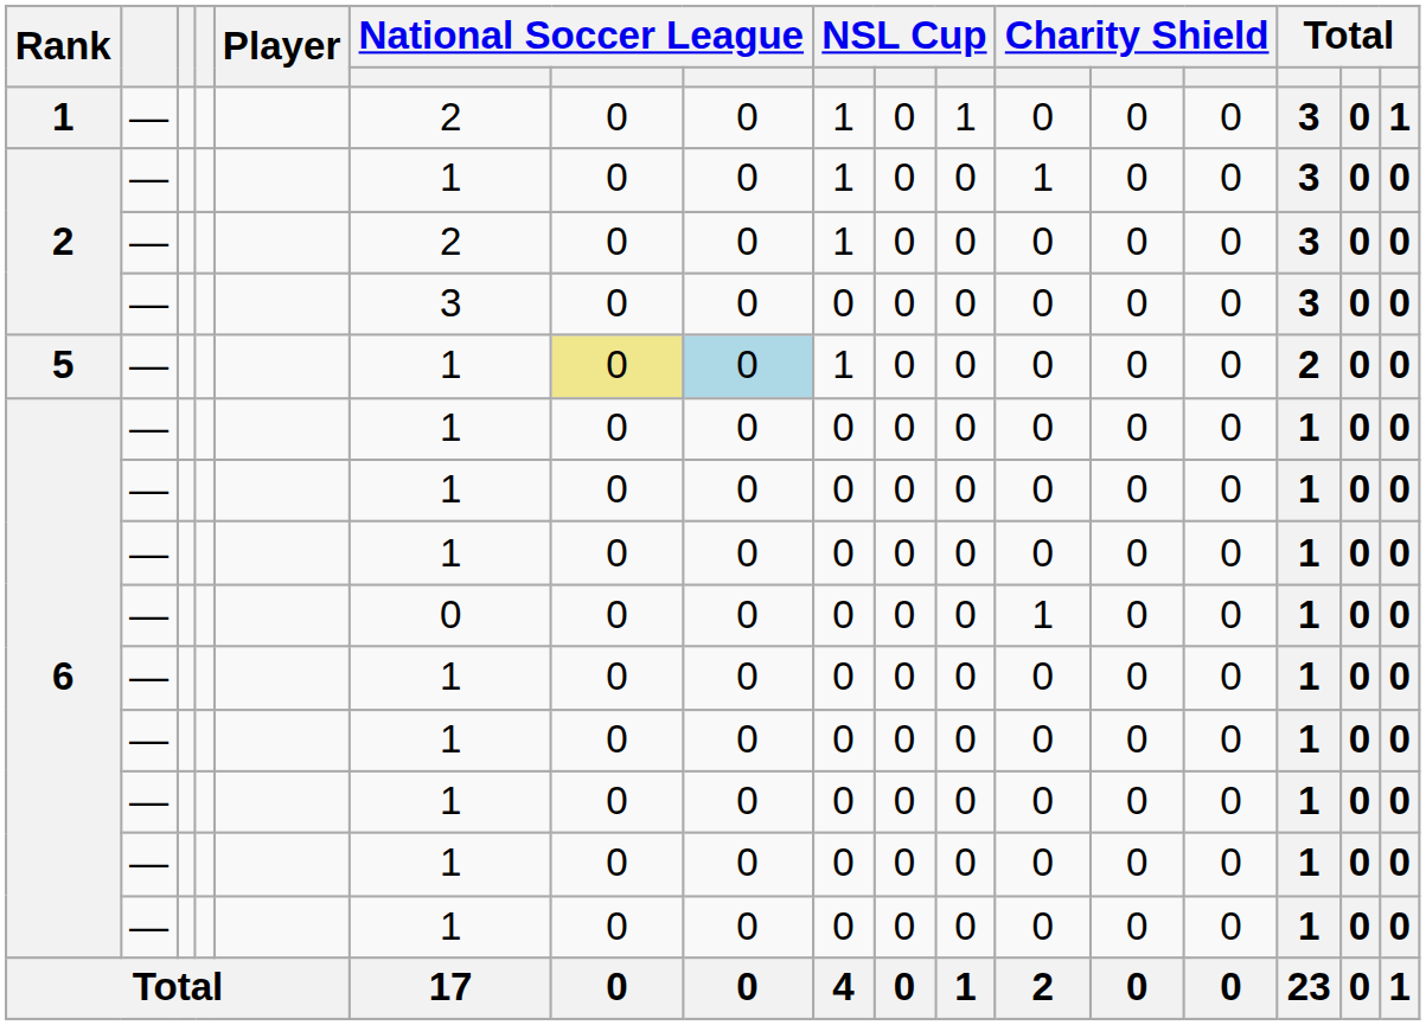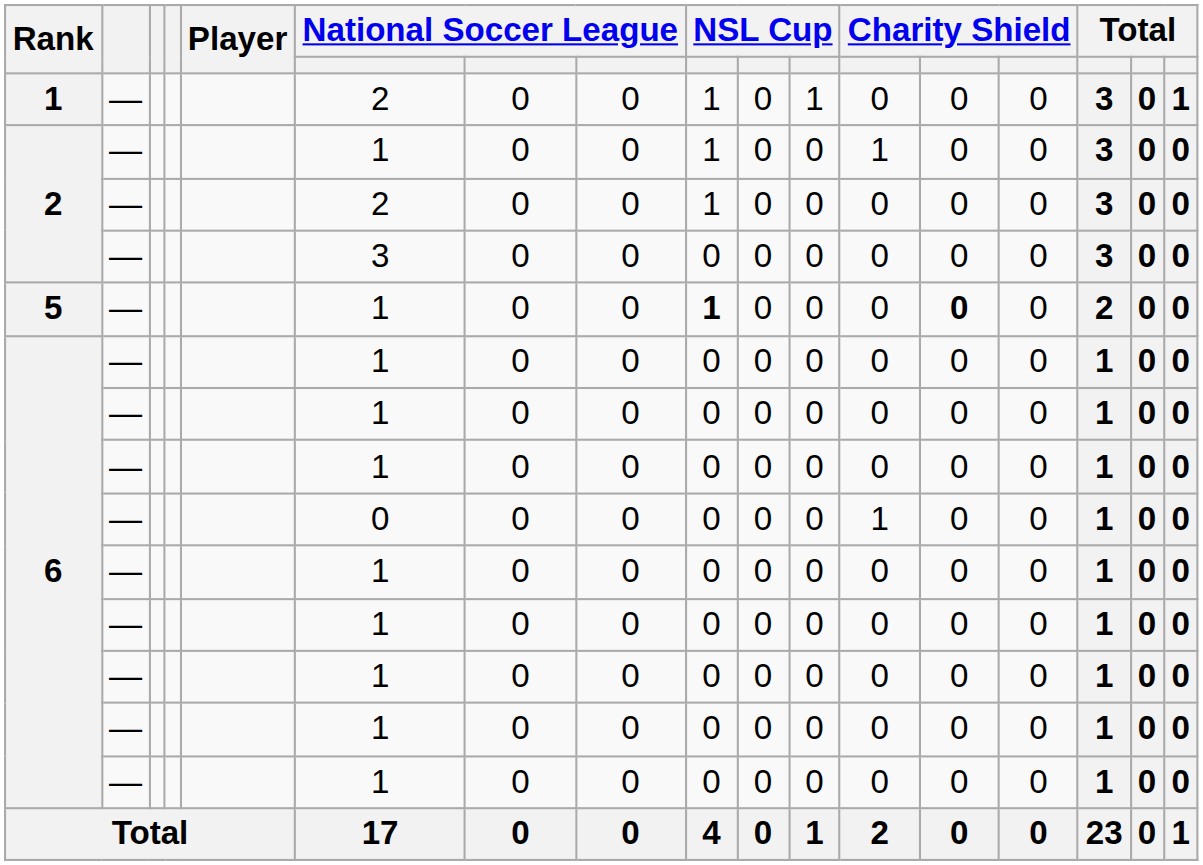 <table class="wikitable sortable" style="text-align:center">
 <tr>
 <th rowspan="2">Rank</th>
 <th rowspan="2"></th>
 <th rowspan="2"></th>
 <th rowspan="2"></th>
 <th rowspan="2">Player</th>
 <th colspan="3"><a href='#'>National Soccer League</a></th>
 <th colspan="3"><a href='#'>NSL Cup</a></th>
 <th colspan="3"><a href='#'>Charity Shield</a></th>
 <th colspan="3">Total</th>
 </tr>
 <tr>
 <th></th>
 <th></th>
 <th></th>
 <th></th>
 <th></th>
 <th></th>
 <th></th>
 <th></th>
 <th></th>
 <th></th>
 <th></th>
 <th></th>
 </tr>
 <tr>
 <th>1</th>
 <td>—</td>
 <td></td>
 <td></td>
 <td align="left"><br></td>
 <td>2</td>
 <td>0</td>
 <td>0<br></td>
 <td>1</td>
 <td>0</td>
 <td>1<br></td>
 <td>0</td>
 <td>0</td>
 <td>0<br></td>
 <th>3</th>
 <th>0</th>
 <th>1</th>
 </tr>
 <tr>
 <th rowspan="3">2</th>
 <td>—</td>
 <td></td>
 <td></td>
 <td align="left"><br></td>
 <td>1</td>
 <td>0</td>
 <td>0<br></td>
 <td>1</td>
 <td>0</td>
 <td>0<br></td>
 <td>1</td>
 <td>0</td>
 <td>0<br></td>
 <th>3</th>
 <th>0</th>
 <th>0</th>
 </tr>
 <tr>
 <td>—</td>
 <td></td>
 <td></td>
 <td align="left"><br></td>
 <td>2</td>
 <td>0</td>
 <td>0<br></td>
 <td>1</td>
 <td>0</td>
 <td>0<br></td>
 <td>0</td>
 <td>0</td>
 <td>0<br></td>
 <th>3</th>
 <th>0</th>
 <th>0</th>
 </tr>
 <tr>
 <td>—</td>
 <td></td>
 <td></td>
 <td align="left"><br></td>
 <td>3</td>
 <td>0</td>
 <td>0<br></td>
 <td>0</td>
 <td>0</td>
 <td>0<br></td>
 <td>0</td>
 <td>0</td>
 <td>0<br></td>
 <th>3</th>
 <th>0</th>
 <th>0</th>
 </tr>
 <tr>
 <th>5</th>
 <td>—</td>
 <td></td>
 <td></td>
 <td align="left"><br></td>
 <td>1</td>
-<td style="background: khaki;">0</td>
-<td style="background: lightblue;">0<br></td>
-<td>1</td>
+<td>0</td>
+<td>0<br></td>
+<td><strong>1</strong></td>
 <td>0</td>
 <td>0<br></td>
 <td>0</td>
-<td>0</td>
+<td><strong>0</strong></td>
 <td>0<br></td>
 <th>2</th>
 <th>0</th>
 <th>0</th>
 </tr>
 <tr>
 <th rowspan="9">6</th>
 <td>—</td>
 <td></td>
 <td></td>
 <td align="left"><br></td>
 <td>1</td>
 <td>0</td>
 <td>0<br></td>
 <td>0</td>
 <td>0</td>
 <td>0<br></td>
 <td>0</td>
 <td>0</td>
 <td>0<br></td>
 <th>1</th>
 <th>0</th>
 <th>0</th>
 </tr>
 <tr>
 <td>—</td>
 <td></td>
 <td></td>
 <td align="left"><br></td>
 <td>1</td>
 <td>0</td>
 <td>0<br></td>
 <td>0</td>
 <td>0</td>
 <td>0<br></td>
 <td>0</td>
 <td>0</td>
 <td>0<br></td>
 <th>1</th>
 <th>0</th>
 <th>0</th>
 </tr>
 <tr>
 <td>—</td>
 <td></td>
 <td></td>
 <td align="left"><br></td>
 <td>1</td>
 <td>0</td>
 <td>0<br></td>
 <td>0</td>
 <td>0</td>
 <td>0<br></td>
 <td>0</td>
 <td>0</td>
 <td>0<br></td>
 <th>1</th>
 <th>0</th>
 <th>0</th>
 </tr>
 <tr>
 <td>—</td>
 <td></td>
 <td></td>
 <td align="left"><br></td>
 <td>0</td>
 <td>0</td>
 <td>0<br></td>
 <td>0</td>
 <td>0</td>
 <td>0<br></td>
 <td>1</td>
 <td>0</td>
 <td>0<br></td>
 <th>1</th>
 <th>0</th>
 <th>0</th>
 </tr>
 <tr>
 <td>—</td>
 <td></td>
 <td></td>
 <td align="left"><br></td>
 <td>1</td>
 <td>0</td>
 <td>0<br></td>
 <td>0</td>
 <td>0</td>
 <td>0<br></td>
 <td>0</td>
 <td>0</td>
 <td>0<br></td>
 <th>1</th>
 <th>0</th>
 <th>0</th>
 </tr>
 <tr>
 <td>—</td>
 <td></td>
 <td></td>
 <td align="left"><br></td>
 <td>1</td>
 <td>0</td>
 <td>0<br></td>
 <td>0</td>
 <td>0</td>
 <td>0<br></td>
 <td>0</td>
 <td>0</td>
 <td>0<br></td>
 <th>1</th>
 <th>0</th>
 <th>0</th>
 </tr>
 <tr>
 <td>—</td>
 <td></td>
 <td></td>
 <td align="left"><br></td>
 <td>1</td>
 <td>0</td>
 <td>0<br></td>
 <td>0</td>
 <td>0</td>
 <td>0<br></td>
 <td>0</td>
 <td>0</td>
 <td>0<br></td>
 <th>1</th>
 <th>0</th>
 <th>0</th>
 </tr>
 <tr>
 <td>—</td>
 <td></td>
 <td></td>
 <td align="left"><br></td>
 <td>1</td>
 <td>0</td>
 <td>0<br></td>
 <td>0</td>
 <td>0</td>
 <td>0<br></td>
 <td>0</td>
 <td>0</td>
 <td>0<br></td>
 <th>1</th>
 <th>0</th>
 <th>0</th>
 </tr>
 <tr>
 <td>—</td>
 <td></td>
 <td></td>
 <td align="left"><br></td>
 <td>1</td>
 <td>0</td>
 <td>0<br></td>
 <td>0</td>
 <td>0</td>
 <td>0<br></td>
 <td>0</td>
 <td>0</td>
 <td>0<br></td>
 <th>1</th>
 <th>0</th>
 <th>0</th>
 </tr>
 <tr>
 <th colspan="5">Total<br></th>
 <th>17</th>
 <th>0</th>
 <th>0<br></th>
 <th>4</th>
 <th>0</th>
 <th>1<br></th>
 <th>2</th>
 <th>0</th>
 <th>0<br></th>
 <th>23</th>
 <th>0</th>
 <th>1</th>
 </tr>
 </table>
